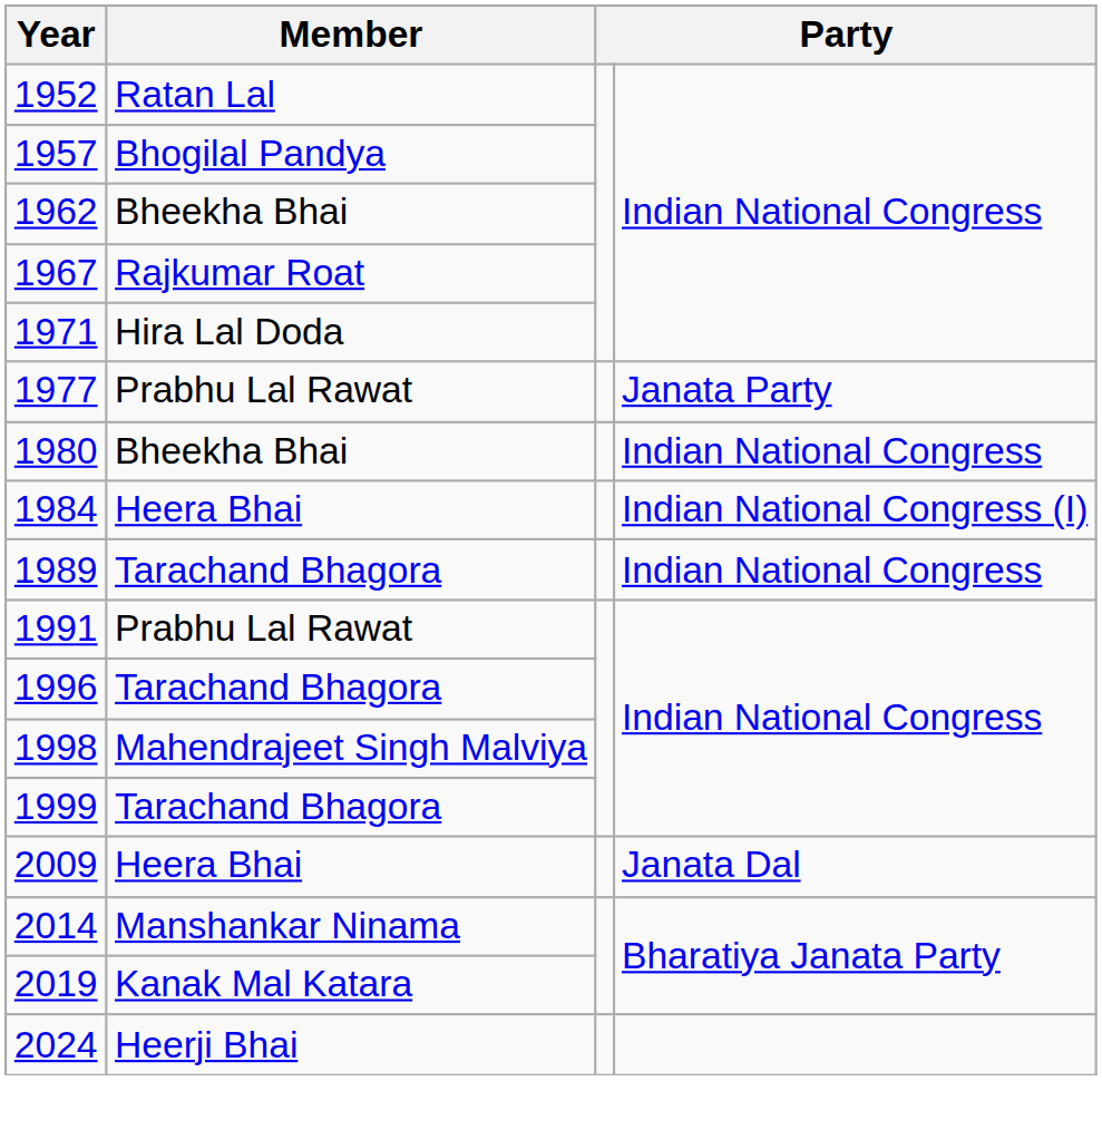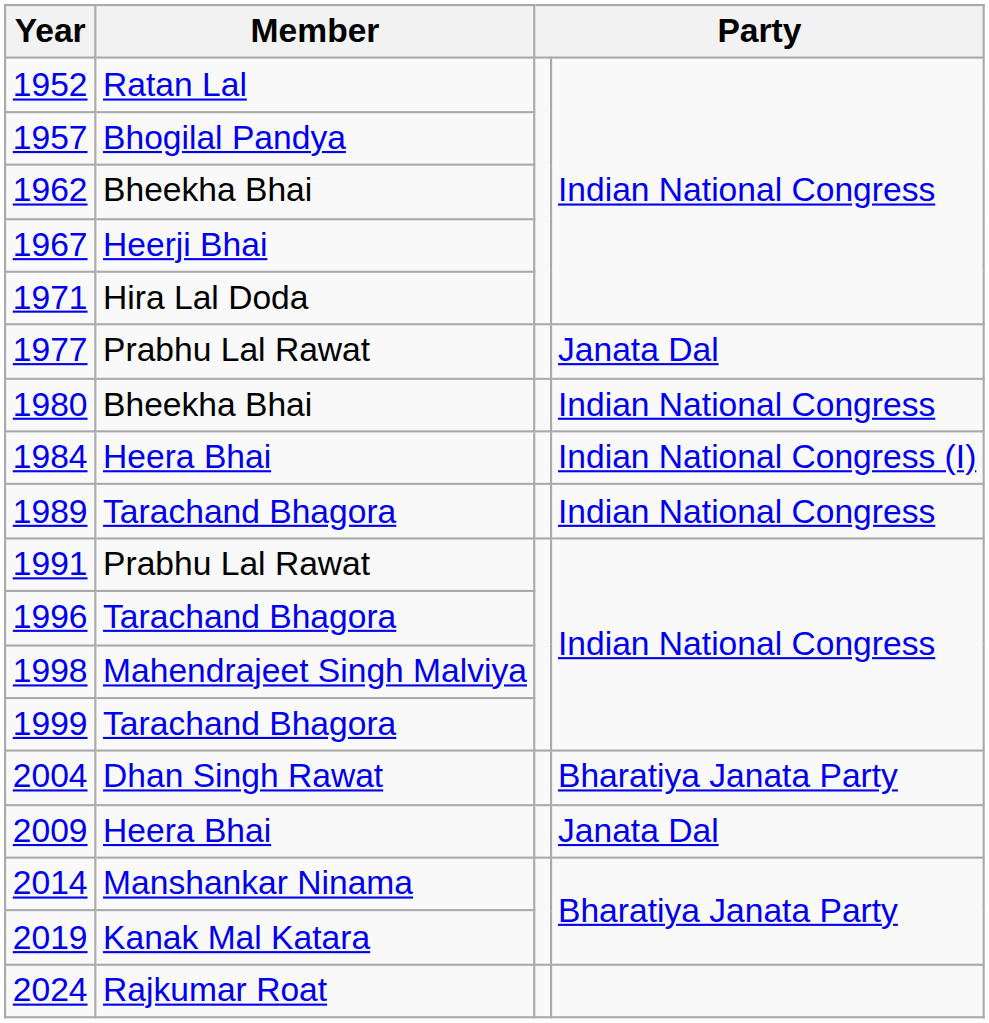 <table class="wikitable">
 <tr>
 <th>Year</th>
 <th>Member</th>
 <th colspan="2">Party</th>
 </tr>
 <tr>
 <td><a href='#'>1952</a></td>
 <td><a href='#'>Ratan Lal</a></td>
 <td rowspan="5" style="background-color: "></td>
 <td rowspan="5"><a href='#'>Indian National Congress</a></td>
 </tr>
 <tr>
 <td><a href='#'>1957</a></td>
 <td><a href='#'>Bhogilal Pandya</a></td>
 </tr>
 <tr>
 <td><a href='#'>1962</a></td>
 <td>Bheekha Bhai</td>
 </tr>
 <tr>
 <td><a href='#'>1967</a></td>
-<td><a href='#'>Rajkumar Roat</a></td>
+<td><a href='#'>Heerji Bhai</a></td>
 </tr>
 <tr>
 <td><a href='#'>1971</a></td>
 <td>Hira Lal Doda</td>
 </tr>
 <tr>
 <td><a href='#'>1977</a></td>
 <td>Prabhu Lal Rawat</td>
 <td style="background-color: "></td>
-<td><a href='#'>Janata Party</a></td>
+<td><a href='#'>Janata Dal</a></td>
 </tr>
 <tr>
 <td><a href='#'>1980</a></td>
 <td>Bheekha Bhai</td>
 <td style="background-color: "></td>
 <td><a href='#'>Indian National Congress</a></td>
 </tr>
 <tr>
 <td><a href='#'>1984</a></td>
 <td><a href='#'>Heera Bhai</a></td>
 <td style="background-color: "></td>
 <td><a href='#'>Indian National Congress (I)</a></td>
 </tr>
 <tr>
 <td><a href='#'>1989</a></td>
 <td><a href='#'>Tarachand Bhagora</a></td>
 <td style="background-color: "></td>
 <td><a href='#'>Indian National Congress</a></td>
 </tr>
 <tr>
 <td><a href='#'>1991</a></td>
 <td>Prabhu Lal Rawat</td>
 <td rowspan="4" style="background-color: "></td>
 <td rowspan="4"><a href='#'>Indian National Congress</a></td>
 </tr>
 <tr>
 <td><a href='#'>1996</a></td>
 <td><a href='#'>Tarachand Bhagora</a></td>
 </tr>
 <tr>
 <td><a href='#'>1998</a></td>
 <td><a href='#'>Mahendrajeet Singh Malviya</a></td>
 </tr>
 <tr>
 <td><a href='#'>1999</a></td>
 <td><a href='#'>Tarachand Bhagora</a></td>
 </tr>
 <tr>
+<td><a href='#'>2004</a></td>
+<td><a href='#'>Dhan Singh Rawat</a></td>
+<td style="background-color: "></td>
+<td><a href='#'>Bharatiya Janata Party</a></td>
+</tr>
+<tr>
 <td><a href='#'>2009</a></td>
 <td><a href='#'>Heera Bhai</a></td>
 <td style="background-color: "></td>
 <td><a href='#'>Janata Dal</a></td>
 </tr>
 <tr>
 <td><a href='#'>2014</a></td>
 <td><a href='#'>Manshankar Ninama</a></td>
 <td rowspan="2" style="background-color: "></td>
 <td rowspan="2"><a href='#'>Bharatiya Janata Party</a></td>
 </tr>
 <tr>
 <td><a href='#'>2019</a></td>
 <td><a href='#'>Kanak Mal Katara</a></td>
 </tr>
 <tr>
 <td><a href='#'>2024</a></td>
-<td><a href='#'>Heerji Bhai</a></td>
+<td><a href='#'>Rajkumar Roat</a></td>
 <td></td>
 </tr>
 </table>
